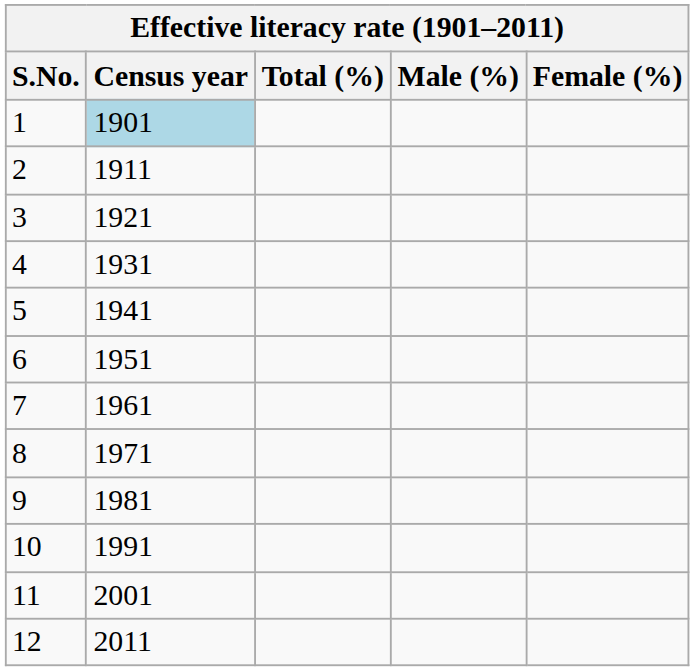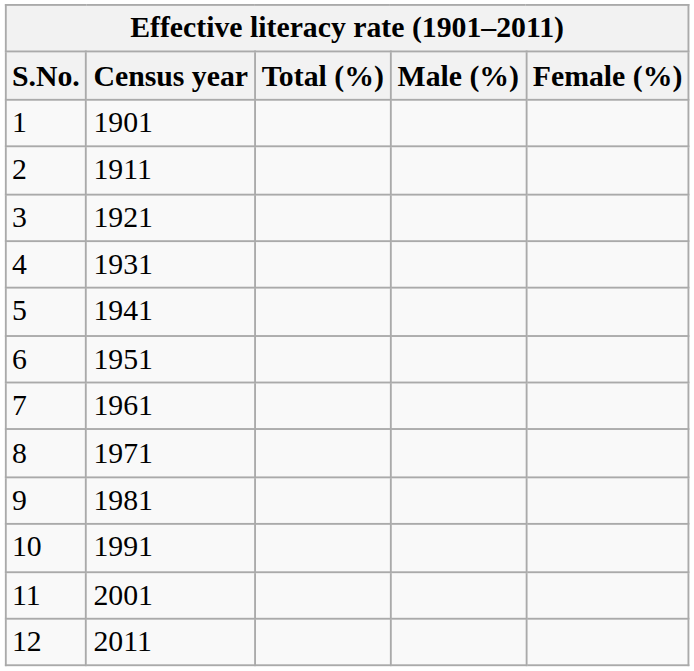 <table class="wikitable" style="margin: 1em auto 1em auto;">
 <tr>
 <th colspan="5">Effective literacy rate (1901–2011)</th>
 </tr>
 <tr>
 <th>S.No.</th>
 <th>Census year</th>
 <th>Total (%)</th>
 <th>Male (%)</th>
 <th>Female (%)</th>
 </tr>
 <tr>
 <td>1</td>
-<td style="background: lightblue;">1901</td>
+<td>1901</td>
 <td></td>
 <td></td>
 <td></td>
 </tr>
 <tr>
 <td>2</td>
 <td>1911</td>
 <td></td>
 <td></td>
 <td></td>
 </tr>
 <tr>
 <td>3</td>
 <td>1921</td>
 <td></td>
 <td></td>
 <td></td>
 </tr>
 <tr>
 <td>4</td>
 <td>1931</td>
 <td></td>
 <td></td>
 <td></td>
 </tr>
 <tr>
 <td>5</td>
 <td>1941</td>
 <td></td>
 <td></td>
 <td></td>
 </tr>
 <tr>
 <td>6</td>
 <td>1951</td>
 <td></td>
 <td></td>
 <td></td>
 </tr>
 <tr>
 <td>7</td>
 <td>1961</td>
 <td></td>
 <td></td>
 <td></td>
 </tr>
 <tr>
 <td>8</td>
 <td>1971</td>
 <td></td>
 <td></td>
 <td></td>
 </tr>
 <tr>
 <td>9</td>
 <td>1981</td>
 <td></td>
 <td></td>
 <td></td>
 </tr>
 <tr>
 <td>10</td>
 <td>1991</td>
 <td></td>
 <td></td>
 <td></td>
 </tr>
 <tr>
 <td>11</td>
 <td>2001</td>
 <td></td>
 <td></td>
 <td></td>
 </tr>
 <tr>
 <td>12</td>
 <td>2011</td>
 <td></td>
 <td></td>
 <td></td>
 </tr>
 </table>
